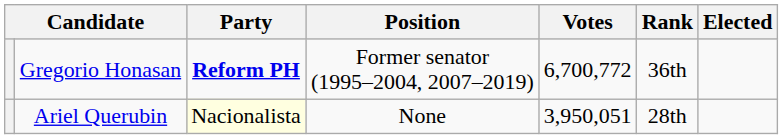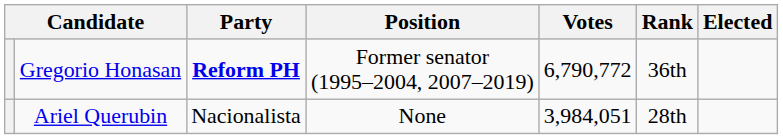 <table class="wikitable sortable" style="text-align:center;font-size:100%;">
 <tr>
 <th colspan="2" class=unsortable>Candidate</th>
 <th class=unsortable>Party</th>
 <th class=unsortable>Position</th>
 <th>Votes</th>
 <th>Rank</th>
 <th class=unsortable>Elected</th>
 </tr>
 <tr>
 <th style="background:"></th>
 <td><a href='#'>Gregorio Honasan</a></td>
 <td><strong><a href='#'>Reform PH</a></strong></td>
 <td>Former senator<br>(1995–2004, 2007–2019)</td>
-<td>6,700,772</td>
+<td>6,790,772</td>
 <td>36th</td>
 <td></td>
 </tr>
 <tr>
 <th style="background:"></th>
 <td><a href='#'>Ariel Querubin</a></td>
-<td style="background: lightyellow;">Nacionalista</td>
+<td>Nacionalista</td>
 <td>None</td>
-<td>3,950,051</td>
+<td>3,984,051</td>
 <td>28th</td>
 <td></td>
 </tr>
 </table>
